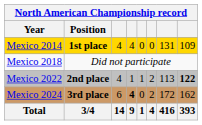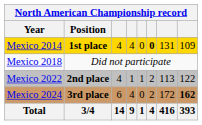 <table class="wikitable" style="text-align: center;">
 <tr>
 <th colspan="9"><a href='#'>North American Championship record</a></th>
 </tr>
 <tr>
 <th>Year</th>
 <th>Position</th>
 <th></th>
 <th></th>
 <th></th>
 <th></th>
 <th></th>
 <th></th>
 </tr>
 <tr bgcolor=gold>
 <td> <a href='#'>Mexico 2014</a></td>
 <td><strong>1st place</strong></td>
 <td>4</td>
 <td>4</td>
 <td>0</td>
-<td>0</td>
+<td><strong>0</strong></td>
 <td>131</td>
 <td>109</td>
 </tr>
 <tr>
 <td> <a href='#'>Mexico 2018</a></td>
 <td colspan=7><em>Did not participate</em></td>
 </tr>
 <tr bgcolor=silver>
 <td> <a href='#'>Mexico 2022</a></td>
 <td><strong>2nd place</strong></td>
 <td>4</td>
 <td>1</td>
 <td>1</td>
 <td>2</td>
 <td>113</td>
-<td><strong>122</strong></td>
+<td>122</td>
 </tr>
 <tr bgcolor=cc9966>
 <td> <a href='#'>Mexico 2024</a></td>
 <td><strong>3rd place</strong></td>
 <td>6</td>
-<td><strong>4</strong></td>
+<td>4</td>
 <td>0</td>
 <td>2</td>
 <td>172</td>
-<td>162</td>
+<td><strong>162</strong></td>
 </tr>
 <tr>
 <th>Total</th>
 <th>3/4</th>
 <th>14</th>
 <th>9</th>
 <th>1</th>
 <th>4</th>
 <th>416</th>
 <th>393</th>
 </tr>
 </table>
